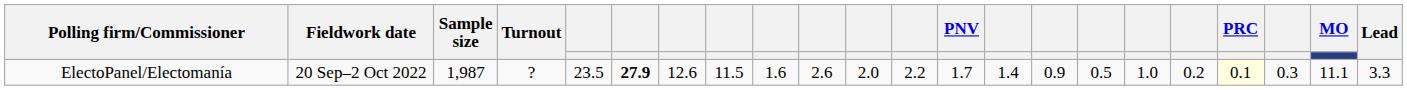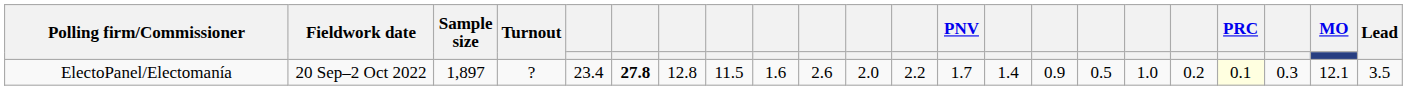 <table class="wikitable collapsible collapsed" style="text-align:center; font-size:95%; line-height:16px;">
 <tr style="height:42px;">
 <th style="width:250px;" rowspan="2">Polling firm/Commissioner</th>
 <th style="width:125px;" rowspan="2">Fieldwork date</th>
 <th style="width:50px;" rowspan="2">Sample size</th>
 <th style="width:45px;" rowspan="2">Turnout</th>
 <th style="width:35px;"></th>
 <th style="width:35px;"></th>
 <th style="width:35px;"></th>
 <th style="width:35px;"></th>
 <th style="width:35px;"></th>
 <th style="width:35px;"></th>
 <th style="width:35px;"></th>
 <th style="width:35px;"></th>
 <th style="width:35px;"><a href='#'>PNV</a></th>
 <th style="width:35px;"></th>
 <th style="width:35px;"></th>
 <th style="width:35px;"></th>
 <th style="width:35px;"></th>
 <th style="width:35px;"></th>
 <th style="width:35px;"><a href='#'>PRC</a></th>
 <th style="width:35px;"></th>
 <th style="width:35px;"><a href='#'>MO</a></th>
 <th style="width:30px;" rowspan="2">Lead</th>
 </tr>
 <tr>
 <th style="color:inherit;background:"></th>
 <th style="color:inherit;background:"></th>
 <th style="color:inherit;background:"></th>
 <th style="color:inherit;background:"></th>
 <th style="color:inherit;background:"></th>
 <th style="color:inherit;background:"></th>
 <th style="color:inherit;background:"></th>
 <th style="color:inherit;background:"></th>
 <th style="color:inherit;background:"></th>
 <th style="color:inherit;background:"></th>
 <th style="color:inherit;background:"></th>
 <th style="color:inherit;background:"></th>
 <th style="color:inherit;background:"></th>
 <th style="color:inherit;background:"></th>
 <th style="color:inherit;background:"></th>
 <th style="color:inherit;background:"></th>
 <th style="color:inherit;background:#273E81;"></th>
 </tr>
 <tr>
 <td>ElectoPanel/Electomanía</td>
 <td>20 Sep–2 Oct 2022</td>
-<td>1,987</td>
+<td>1,897</td>
 <td>?</td>
-<td>23.5<br></td>
-<td><strong>27.9</strong><br></td>
-<td>12.6<br></td>
+<td>23.4<br></td>
+<td><strong>27.8</strong><br></td>
+<td>12.8<br></td>
 <td>11.5<br></td>
 <td>1.6<br></td>
 <td>2.6<br></td>
 <td>2.0<br></td>
 <td>2.2<br></td>
 <td>1.7<br></td>
 <td>1.4<br></td>
 <td>0.9<br></td>
 <td>0.5<br></td>
 <td>1.0<br></td>
 <td>0.2<br></td>
 <td style="background: lightyellow;">0.1<br></td>
 <td>0.3<br></td>
-<td>11.1<br></td>
-<td style="background:">3.3</td>
+<td>12.1<br></td>
+<td style="background:">3.5</td>
 </tr>
 </table>
